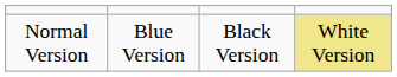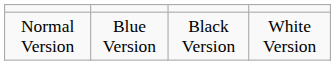 <table class="wikitable col1cen col2cen" style="width:300px">
 <tr>
 <td align="center"></td>
 <td align="center"></td>
 <td align="center"></td>
 <td align="center"></td>
 </tr>
 <tr>
 <td align="center">Normal Version</td>
 <td align="center">Blue Version</td>
 <td align="center">Black Version</td>
-<td align="center" style="background: khaki;">White Version</td>
+<td align="center">White Version</td>
 </tr>
 </table>
